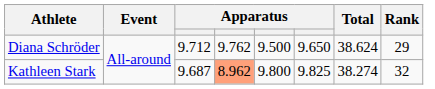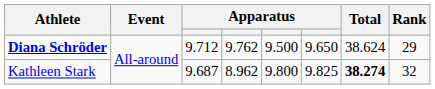 <table class="wikitable" style="font-size:90%">
 <tr>
 <th rowspan=2>Athlete</th>
 <th rowspan=2>Event</th>
 <th colspan=4>Apparatus</th>
 <th rowspan=2>Total</th>
 <th rowspan=2>Rank</th>
 </tr>
 <tr style="font-size:95%">
 <th></th>
 <th></th>
 <th></th>
 <th></th>
 </tr>
 <tr align=center>
-<td align=left><a href='#'>Diana Schröder</a></td>
+<td align=left><strong><a href='#'>Diana Schröder</a></strong></td>
 <td align=left rowspan=2><a href='#'>All-around</a></td>
 <td>9.712</td>
 <td>9.762</td>
 <td>9.500</td>
 <td>9.650</td>
 <td>38.624</td>
 <td>29</td>
 </tr>
 <tr align=center>
 <td align=left><a href='#'>Kathleen Stark</a></td>
 <td>9.687</td>
-<td style="background: lightsalmon;">8.962</td>
+<td>8.962</td>
 <td>9.800</td>
 <td>9.825</td>
-<td>38.274</td>
+<td><strong>38.274</strong></td>
 <td>32</td>
 </tr>
 </table>
